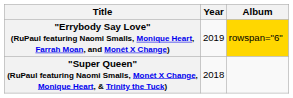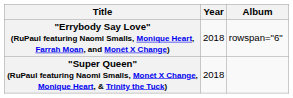 <table class="wikitable plainrowheaders" style="text-align:left;">
 <tr>
 <th scope="col"  style="width:20em;">Title</th>
 <th scope="col"  style="width:2em;">Year</th>
 <th scope="col"  style="width:6em;">Album</th>
 </tr>
 <tr>
 <th scope="row">"Errybody Say Love" <br><small>(RuPaul featuring Naomi Smalls, <a href='#'>Monique Heart</a>, <a href='#'>Farrah Moan</a>, and <a href='#'>Monét X Change</a>)</small></th>
-<td rowspan="1">2019</td>
-<td style="background: gold;">rowspan="6" </td>
+<td rowspan="1">2018</td>
+<td>rowspan="6" </td>
 </tr>
 <tr>
 <th scope="row">"Super Queen" <br><small>(RuPaul featuring Naomi Smalls, <a href='#'>Monét X Change</a>, <a href='#'>Monique Heart</a>, & <a href='#'>Trinity the Tuck</a>)</small></th>
 <td rowspan="1">2018</td>
 </tr>
 </table>
